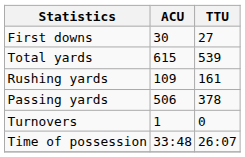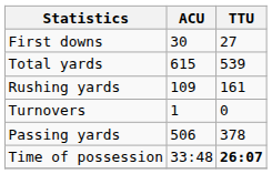 <table class="wikitable" style="float: left;">
 <tr>
 <th>Statistics</th>
 <th>ACU</th>
 <th>TTU</th>
 </tr>
 <tr>
 <td>First downs</td>
 <td>30</td>
 <td>27</td>
 </tr>
 <tr>
 <td>Total yards</td>
 <td>615</td>
 <td>539</td>
 </tr>
 <tr>
 <td>Rushing yards</td>
 <td>109</td>
 <td>161</td>
 </tr>
 <tr>
+<td>Turnovers</td>
+<td>1</td>
+<td>0</td>
+</tr>
+<tr>
 <td>Passing yards</td>
 <td>506</td>
 <td>378</td>
 </tr>
 <tr>
-<td>Turnovers</td>
-<td>1</td>
-<td>0</td>
-</tr>
-<tr>
 <td>Time of possession</td>
 <td>33:48</td>
-<td>26:07</td>
+<td><strong>26:07</strong></td>
 </tr>
 <tr>
 </tr>
 </table>
